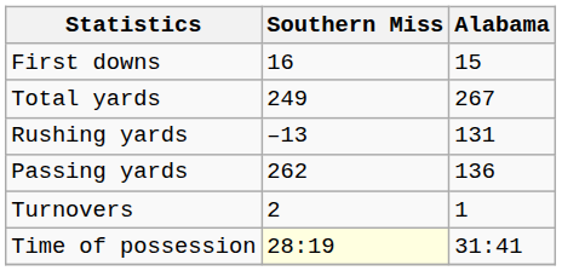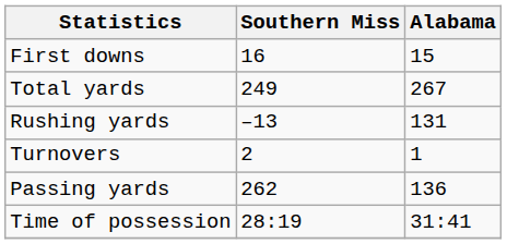 <table class="wikitable" style="float: left;">
 <tr>
 <th>Statistics</th>
 <th style=>Southern Miss</th>
 <th>Alabama</th>
 </tr>
 <tr>
 <td>First downs</td>
 <td>16</td>
 <td>15</td>
 </tr>
 <tr>
 <td>Total yards</td>
 <td>249</td>
 <td>267</td>
 </tr>
 <tr>
 <td>Rushing yards</td>
 <td>–13</td>
 <td>131</td>
 </tr>
 <tr>
+<td>Turnovers</td>
+<td>2</td>
+<td>1</td>
+</tr>
+<tr>
 <td>Passing yards</td>
 <td>262</td>
 <td>136</td>
 </tr>
 <tr>
-<td>Turnovers</td>
-<td>2</td>
-<td>1</td>
-</tr>
-<tr>
 <td>Time of possession</td>
-<td style="background: lightyellow;">28:19</td>
+<td>28:19</td>
 <td>31:41</td>
 </tr>
 <tr>
 </tr>
 </table>
